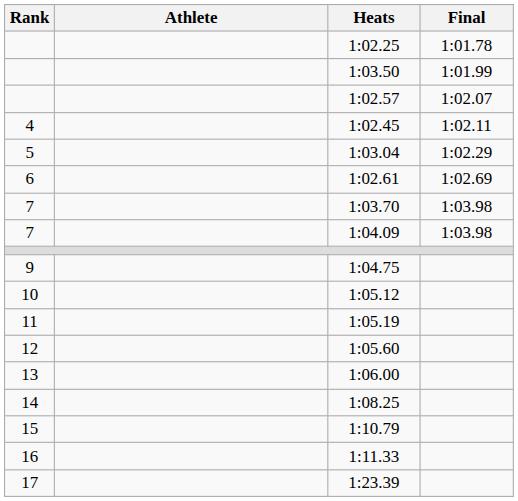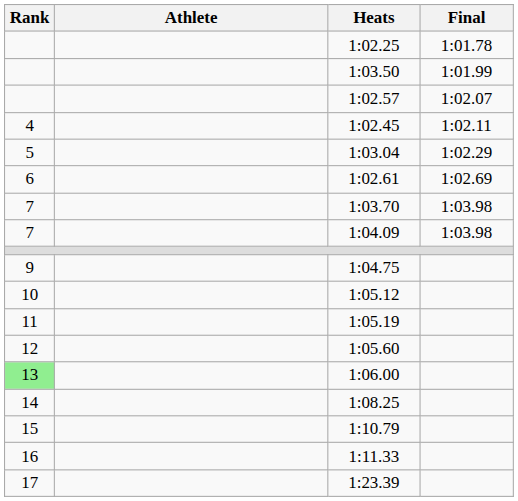 <table class=wikitable style="text-align:center">
 <tr>
 <th width=40>Rank</th>
 <th width=250>Athlete</th>
 <th width=80>Heats</th>
 <th width=80>Final</th>
 </tr>
 <tr>
 <td></td>
 <td align=left></td>
 <td>1:02.25</td>
 <td>1:01.78</td>
 </tr>
 <tr>
 <td></td>
 <td align=left></td>
 <td>1:03.50</td>
 <td>1:01.99</td>
 </tr>
 <tr>
 <td></td>
 <td align=left></td>
 <td>1:02.57</td>
 <td>1:02.07</td>
 </tr>
 <tr>
 <td>4</td>
 <td align=left></td>
 <td>1:02.45</td>
 <td>1:02.11</td>
 </tr>
 <tr>
 <td>5</td>
 <td align=left></td>
 <td>1:03.04</td>
 <td>1:02.29</td>
 </tr>
 <tr>
 <td>6</td>
 <td align=left></td>
 <td>1:02.61</td>
 <td>1:02.69</td>
 </tr>
 <tr>
 <td>7</td>
 <td align=left></td>
 <td>1:03.70</td>
 <td>1:03.98</td>
 </tr>
 <tr>
 <td>7</td>
 <td align=left></td>
 <td>1:04.09</td>
 <td>1:03.98</td>
 </tr>
 <tr bgcolor=#DDDDDD>
 <td colspan=4></td>
 </tr>
 <tr>
 <td>9</td>
 <td align=left></td>
 <td>1:04.75</td>
 <td></td>
 </tr>
 <tr>
 <td>10</td>
 <td align=left></td>
 <td>1:05.12</td>
 <td></td>
 </tr>
 <tr>
 <td>11</td>
 <td align=left></td>
 <td>1:05.19</td>
 <td></td>
 </tr>
 <tr>
 <td>12</td>
 <td align=left></td>
 <td>1:05.60</td>
 <td></td>
 </tr>
 <tr>
-<td>13</td>
+<td style="background: lightgreen;">13</td>
 <td align=left></td>
 <td>1:06.00</td>
 <td></td>
 </tr>
 <tr>
 <td>14</td>
 <td align=left></td>
 <td>1:08.25</td>
 <td></td>
 </tr>
 <tr>
 <td>15</td>
 <td align=left></td>
 <td>1:10.79</td>
 <td></td>
 </tr>
 <tr>
 <td>16</td>
 <td align=left></td>
 <td>1:11.33</td>
 <td></td>
 </tr>
 <tr>
 <td>17</td>
 <td align=left></td>
 <td>1:23.39</td>
 <td></td>
 </tr>
 </table>
